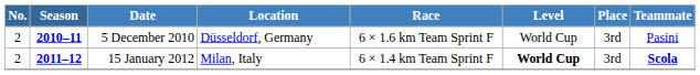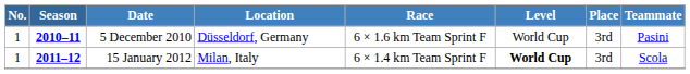 <table class="wikitable sortable" style="font-size:95%; text-align:center; border:grey solid 1px; border-collapse:collapse; background:#ffffff;">
 <tr style="background:#efefef;">
 <th style="background-color:#369; color:white;">No.</th>
 <th style="background-color:#369; color:white;">Season</th>
 <th style="background-color:#4180be; color:white; width:120px;">Date</th>
 <th style="background-color:#4180be; color:white; width:170px;">Location</th>
 <th style="background-color:#4180be; color:white; width:170px;">Race</th>
 <th style="background-color:#4180be; color:white; width:100px;">Level</th>
 <th style="background-color:#4180be; color:white;">Place</th>
 <th style="background-color:#4180be; color:white;">Teammate</th>
 </tr>
 <tr>
-<td align=center>2</td>
+<td align=center>1</td>
 <td rowspan=1 align=center><strong> <a href='#'>2010–11</a> </strong></td>
 <td align=right>5 December 2010</td>
 <td align=left> <a href='#'>Düsseldorf</a>, Germany</td>
 <td>6 × 1.6 km Team Sprint F</td>
 <td>World Cup</td>
 <td>3rd</td>
 <td><a href='#'>Pasini</a></td>
 </tr>
 <tr>
-<td align=center>2</td>
+<td align=center>1</td>
 <td rowspan=1 align=center><strong> <a href='#'>2011–12</a> </strong></td>
 <td align=right>15 January 2012</td>
 <td align=left> <a href='#'>Milan</a>, Italy</td>
 <td>6 × 1.4 km Team Sprint F</td>
 <td><strong>World Cup</strong></td>
 <td>3rd</td>
-<td><strong><a href='#'>Scola</a></strong></td>
+<td><a href='#'>Scola</a></td>
 </tr>
 <tr>
 </tr>
 </table>
